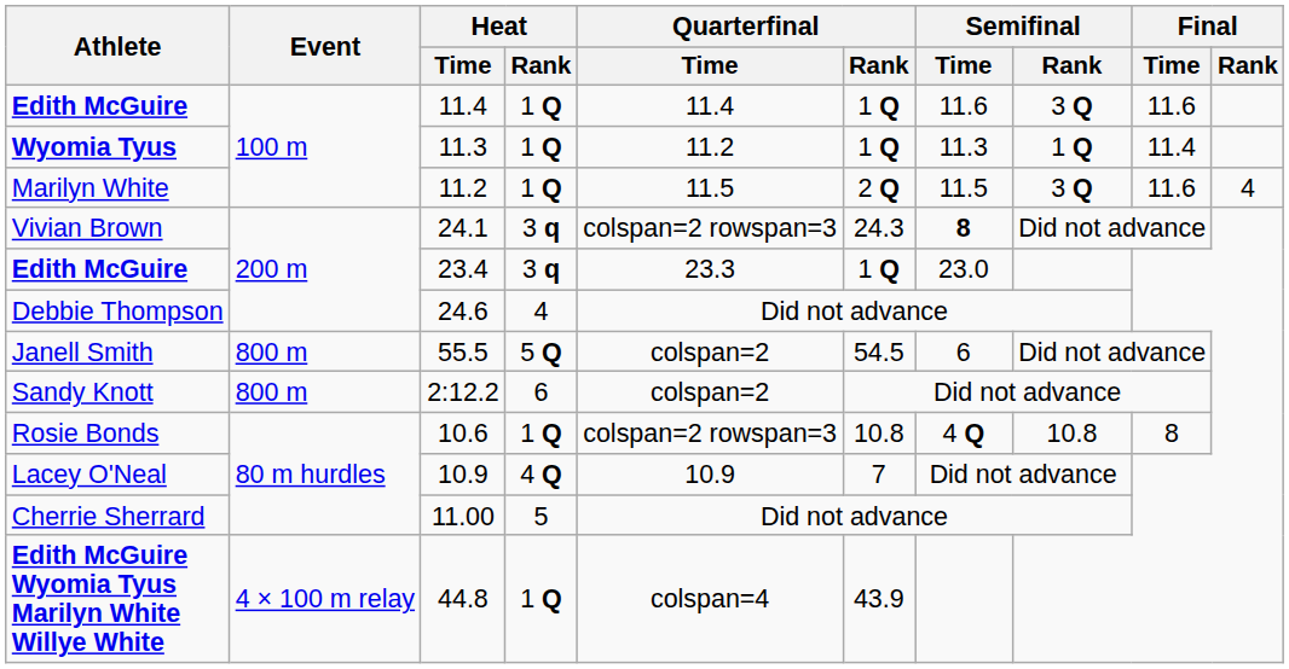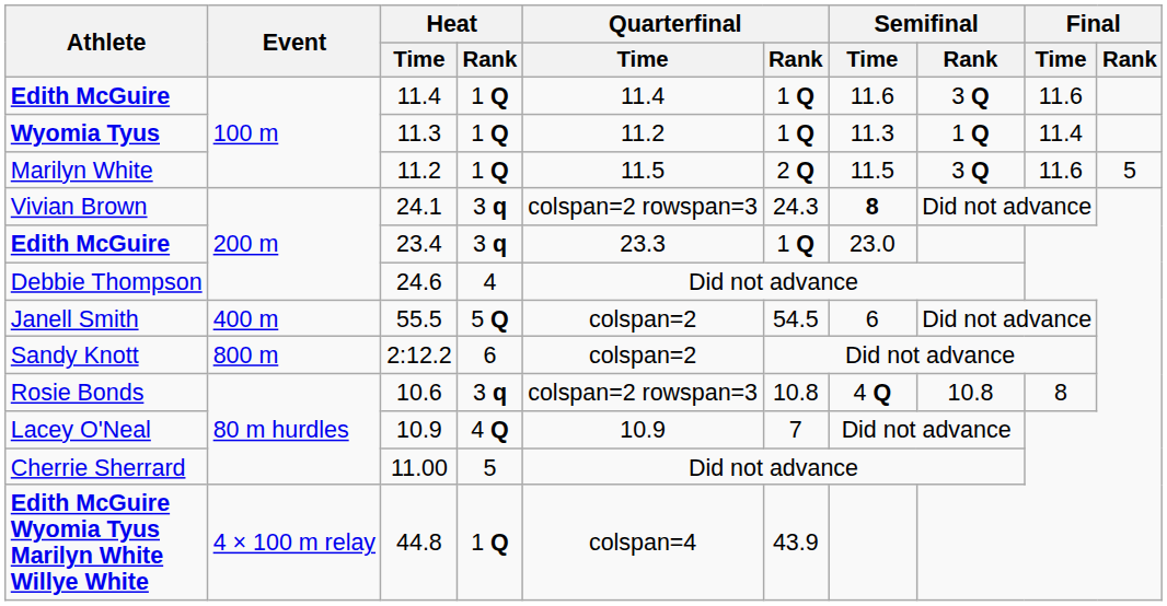 <table class=wikitable style=font-size:90%;text-align:center>
 <tr>
 <th rowspan=2>Athlete</th>
 <th rowspan=2>Event</th>
 <th colspan=2>Heat</th>
 <th colspan=2>Quarterfinal</th>
 <th colspan=2>Semifinal</th>
 <th colspan=2>Final</th>
 </tr>
 <tr style=font-size:95%>
 <th>Time</th>
 <th>Rank</th>
 <th>Time</th>
 <th>Rank</th>
 <th>Time</th>
 <th>Rank</th>
 <th>Time</th>
 <th>Rank</th>
 </tr>
 <tr>
 <td align=left><strong><a href='#'>Edith McGuire</a></strong></td>
 <td align=left rowspan=3><a href='#'>100 m</a></td>
 <td>11.4</td>
 <td>1 <strong>Q</strong></td>
 <td>11.4</td>
 <td>1 <strong>Q</strong></td>
 <td>11.6</td>
 <td>3 <strong>Q</strong></td>
 <td>11.6</td>
 <td></td>
 </tr>
 <tr>
 <td align=left><strong><a href='#'>Wyomia Tyus</a></strong></td>
 <td>11.3</td>
 <td>1 <strong>Q</strong></td>
 <td>11.2 </td>
 <td>1 <strong>Q</strong></td>
 <td>11.3</td>
 <td>1 <strong>Q</strong></td>
 <td>11.4</td>
 <td></td>
 </tr>
 <tr>
 <td align=left><a href='#'>Marilyn White</a></td>
 <td>11.2</td>
 <td>1 <strong>Q</strong></td>
 <td>11.5</td>
 <td>2 <strong>Q</strong></td>
 <td>11.5</td>
 <td>3 <strong>Q</strong></td>
 <td>11.6</td>
-<td>4</td>
+<td>5</td>
 </tr>
 <tr>
 <td align=left><a href='#'>Vivian Brown</a></td>
 <td align=left rowspan=3><a href='#'>200 m</a></td>
 <td>24.1</td>
 <td>3 <strong>q</strong></td>
 <td>colspan=2 rowspan=3 </td>
 <td>24.3</td>
 <td><strong>8</strong></td>
 <td colspan=2>Did not advance</td>
 </tr>
 <tr>
 <td align=left><strong><a href='#'>Edith McGuire</a></strong></td>
 <td>23.4</td>
 <td>3 <strong>q</strong></td>
 <td>23.3</td>
 <td>1 <strong>Q</strong></td>
 <td>23.0 </td>
 <td></td>
 </tr>
 <tr>
 <td align=left><a href='#'>Debbie Thompson</a></td>
 <td>24.6</td>
 <td>4</td>
 <td colspan=4>Did not advance</td>
 </tr>
 <tr>
 <td align=left><a href='#'>Janell Smith</a></td>
-<td align=left><a href='#'>800 m</a></td>
+<td align=left><a href='#'>400 m</a></td>
 <td>55.5</td>
 <td>5 <strong>Q</strong></td>
 <td>colspan=2 </td>
 <td>54.5</td>
 <td>6</td>
 <td colspan=2>Did not advance</td>
 </tr>
 <tr>
 <td align=left><a href='#'>Sandy Knott</a></td>
 <td align=left><a href='#'>800 m</a></td>
 <td>2:12.2</td>
 <td>6</td>
 <td>colspan=2 </td>
 <td colspan=4>Did not advance</td>
 </tr>
 <tr>
 <td align=left><a href='#'>Rosie Bonds</a></td>
 <td align=left rowspan=3><a href='#'>80 m hurdles</a></td>
 <td>10.6</td>
-<td>1 <strong>Q</strong></td>
+<td>3 <strong>q</strong></td>
 <td>colspan=2 rowspan=3 </td>
 <td>10.8</td>
 <td>4 <strong>Q</strong></td>
 <td>10.8</td>
 <td>8</td>
 </tr>
 <tr>
 <td align=left><a href='#'>Lacey O'Neal</a></td>
 <td>10.9</td>
 <td>4 <strong>Q</strong></td>
 <td>10.9</td>
 <td>7</td>
 <td colspan=2>Did not advance</td>
 </tr>
 <tr>
 <td align=left><a href='#'>Cherrie Sherrard</a></td>
 <td>11.00</td>
 <td>5</td>
 <td colspan=4>Did not advance</td>
 </tr>
 <tr>
 <td align=left><strong><a href='#'>Edith McGuire</a><br><a href='#'>Wyomia Tyus</a><br><a href='#'>Marilyn White</a><br><a href='#'>Willye White</a></strong></td>
 <td align=left><a href='#'>4 × 100 m relay</a></td>
 <td>44.8</td>
 <td>1 <strong>Q</strong></td>
 <td>colspan=4 </td>
 <td>43.9</td>
 <td></td>
 </tr>
 </table>
